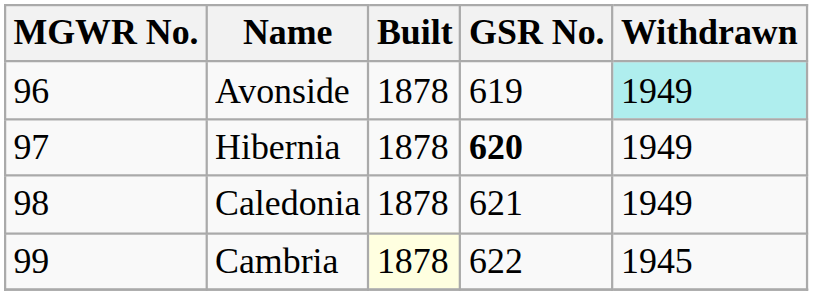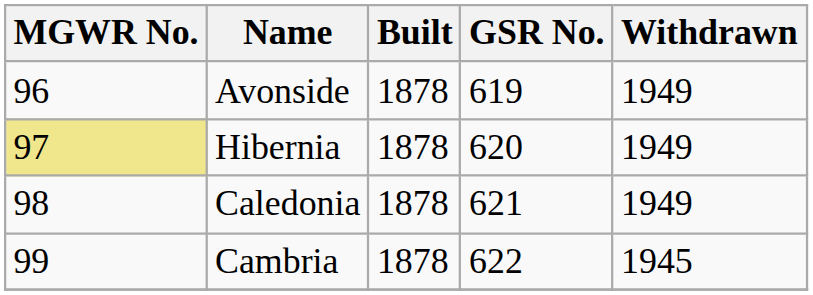 <table class="wikitable">
 <tr>
 <th>MGWR No.</th>
 <th>Name</th>
 <th>Built</th>
 <th>GSR No.</th>
 <th>Withdrawn</th>
 </tr>
 <tr>
 <td>96</td>
 <td>Avonside</td>
 <td>1878</td>
 <td>619</td>
-<td style="background: paleturquoise;">1949</td>
+<td>1949</td>
 </tr>
 <tr>
-<td>97</td>
+<td style="background: khaki;">97</td>
 <td>Hibernia</td>
 <td>1878</td>
-<td><strong>620</strong></td>
+<td>620</td>
 <td>1949</td>
 </tr>
 <tr>
 <td>98</td>
 <td>Caledonia</td>
 <td>1878</td>
 <td>621</td>
 <td>1949</td>
 </tr>
 <tr>
 <td>99</td>
 <td>Cambria</td>
-<td style="background: lightyellow;">1878</td>
+<td>1878</td>
 <td>622</td>
 <td>1945</td>
 </tr>
 <tr>
 </tr>
 </table>
